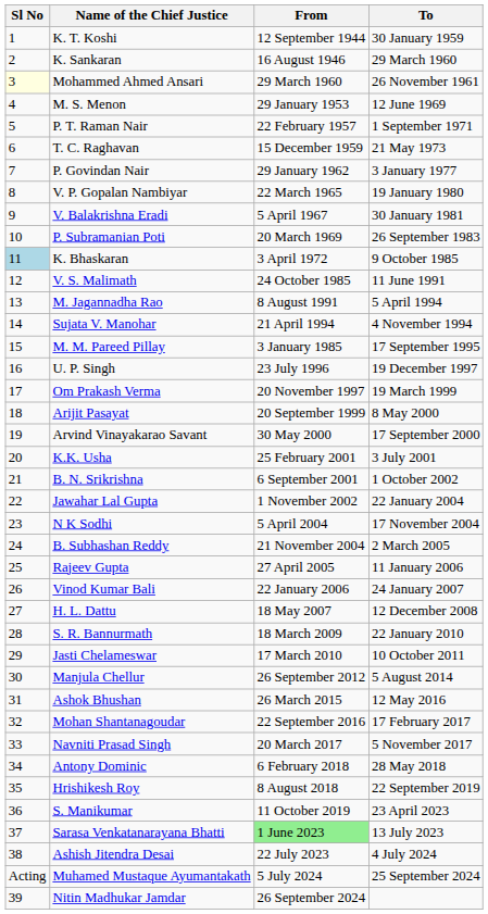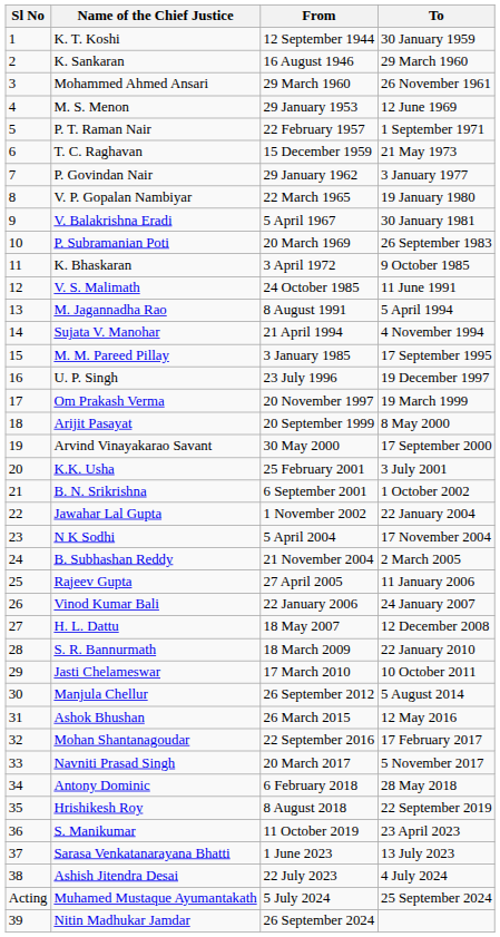 <table class="wikitable sortable" style="margin: 1em auto 1em auto;">
 <tr>
 <th>Sl No</th>
 <th>Name of the Chief Justice</th>
 <th>From</th>
 <th>To</th>
 </tr>
 <tr>
 <td>1</td>
 <td>K. T. Koshi</td>
 <td>12 September 1944</td>
 <td>30 January 1959</td>
 </tr>
 <tr>
 <td>2</td>
 <td>K. Sankaran</td>
 <td>16 August 1946</td>
 <td>29 March 1960</td>
 </tr>
 <tr>
-<td style="background: lightyellow;">3</td>
+<td>3</td>
 <td>Mohammed Ahmed Ansari</td>
 <td>29 March 1960</td>
 <td>26 November 1961</td>
 </tr>
 <tr>
 <td>4</td>
 <td>M. S. Menon</td>
 <td>29 January 1953</td>
 <td>12 June 1969</td>
 </tr>
 <tr>
 <td>5</td>
 <td>P. T. Raman Nair</td>
 <td>22 February 1957</td>
 <td>1 September 1971</td>
 </tr>
 <tr>
 <td>6</td>
 <td>T. C. Raghavan</td>
 <td>15 December 1959</td>
 <td>21 May 1973</td>
 </tr>
 <tr>
 <td>7</td>
 <td>P. Govindan Nair</td>
 <td>29 January 1962</td>
 <td>3 January 1977</td>
 </tr>
 <tr>
 <td>8</td>
 <td>V. P. Gopalan Nambiyar</td>
 <td>22 March 1965</td>
 <td>19 January 1980</td>
 </tr>
 <tr>
 <td>9</td>
 <td><a href='#'>V. Balakrishna Eradi</a></td>
 <td>5 April 1967</td>
 <td>30 January 1981</td>
 </tr>
 <tr>
 <td>10</td>
 <td><a href='#'>P. Subramanian Poti</a></td>
 <td>20 March 1969</td>
 <td>26 September 1983</td>
 </tr>
 <tr>
-<td style="background: lightblue;">11</td>
+<td>11</td>
 <td>K. Bhaskaran</td>
 <td>3 April 1972</td>
 <td>9 October 1985</td>
 </tr>
 <tr>
 <td>12</td>
 <td><a href='#'>V. S. Malimath</a></td>
 <td>24 October 1985</td>
 <td>11 June 1991</td>
 </tr>
 <tr>
 <td>13</td>
 <td><a href='#'>M. Jagannadha Rao</a></td>
 <td>8 August 1991</td>
 <td>5 April 1994</td>
 </tr>
 <tr>
 <td>14</td>
 <td><a href='#'>Sujata V. Manohar</a></td>
 <td>21 April 1994</td>
 <td>4 November 1994</td>
 </tr>
 <tr>
 <td>15</td>
 <td><a href='#'>M. M. Pareed Pillay</a></td>
 <td>3 January 1985</td>
 <td>17 September 1995</td>
 </tr>
 <tr>
 <td>16</td>
 <td>U. P. Singh</td>
 <td>23 July 1996</td>
 <td>19 December 1997</td>
 </tr>
 <tr>
 <td>17</td>
 <td><a href='#'>Om Prakash Verma</a></td>
 <td>20 November 1997</td>
 <td>19 March 1999</td>
 </tr>
 <tr>
 <td>18</td>
 <td><a href='#'>Arijit Pasayat</a></td>
 <td>20 September 1999</td>
 <td>8 May 2000</td>
 </tr>
 <tr>
 <td>19</td>
 <td>Arvind Vinayakarao Savant</td>
 <td>30 May 2000</td>
 <td>17 September 2000</td>
 </tr>
 <tr>
 <td>20</td>
 <td><a href='#'>K.K. Usha</a></td>
 <td>25 February 2001</td>
 <td>3 July 2001</td>
 </tr>
 <tr>
 <td>21</td>
 <td><a href='#'>B. N. Srikrishna</a></td>
 <td>6 September 2001</td>
 <td>1 October 2002</td>
 </tr>
 <tr>
 <td>22</td>
 <td><a href='#'>Jawahar Lal Gupta</a></td>
 <td>1 November 2002</td>
 <td>22 January 2004</td>
 </tr>
 <tr>
 <td>23</td>
 <td><a href='#'>N K Sodhi</a></td>
 <td>5 April 2004</td>
 <td>17 November 2004</td>
 </tr>
 <tr>
 <td>24</td>
 <td><a href='#'>B. Subhashan Reddy</a></td>
 <td>21 November 2004</td>
 <td>2 March 2005</td>
 </tr>
 <tr>
 <td>25</td>
 <td><a href='#'>Rajeev Gupta</a></td>
 <td>27 April 2005</td>
 <td>11 January 2006</td>
 </tr>
 <tr>
 <td>26</td>
 <td><a href='#'>Vinod Kumar Bali</a></td>
 <td>22 January 2006</td>
 <td>24 January 2007</td>
 </tr>
 <tr>
 <td>27</td>
 <td><a href='#'>H. L. Dattu</a></td>
 <td>18 May 2007</td>
 <td>12 December 2008</td>
 </tr>
 <tr>
 <td>28</td>
 <td><a href='#'>S. R. Bannurmath</a></td>
 <td>18 March 2009</td>
 <td>22 January 2010</td>
 </tr>
 <tr>
 <td>29</td>
 <td><a href='#'>Jasti Chelameswar</a></td>
 <td>17 March 2010</td>
 <td>10 October 2011</td>
 </tr>
 <tr>
 <td>30</td>
 <td><a href='#'>Manjula Chellur</a></td>
 <td>26 September 2012</td>
 <td>5 August 2014</td>
 </tr>
 <tr>
 <td>31</td>
 <td><a href='#'>Ashok Bhushan</a></td>
 <td>26 March 2015</td>
 <td>12 May 2016</td>
 </tr>
 <tr>
 <td>32</td>
 <td><a href='#'>Mohan Shantanagoudar</a></td>
 <td>22 September 2016</td>
 <td>17 February 2017</td>
 </tr>
 <tr>
 <td>33</td>
 <td><a href='#'>Navniti Prasad Singh</a></td>
 <td>20 March 2017</td>
 <td>5 November 2017</td>
 </tr>
 <tr>
 <td>34</td>
 <td><a href='#'>Antony Dominic</a></td>
 <td>6 February 2018</td>
 <td>28 May 2018</td>
 </tr>
 <tr>
 <td>35</td>
 <td><a href='#'>Hrishikesh Roy</a></td>
 <td>8 August 2018</td>
 <td>22 September 2019</td>
 </tr>
 <tr>
 <td>36</td>
 <td><a href='#'>S. Manikumar</a></td>
 <td>11 October 2019</td>
 <td>23 April 2023</td>
 </tr>
 <tr>
 <td>37</td>
 <td><a href='#'>Sarasa Venkatanarayana Bhatti</a></td>
-<td style="background: lightgreen;">1 June 2023</td>
+<td>1 June 2023</td>
 <td>13 July 2023</td>
 </tr>
 <tr>
 <td>38</td>
 <td><a href='#'>Ashish Jitendra Desai</a></td>
 <td>22 July 2023</td>
 <td>4 July 2024</td>
 </tr>
 <tr>
 <td>Acting</td>
 <td><a href='#'>Muhamed Mustaque Ayumantakath</a></td>
 <td>5 July 2024</td>
 <td>25 September 2024</td>
 </tr>
 <tr>
 <td>39</td>
 <td><a href='#'>Nitin Madhukar Jamdar</a></td>
 <td>26 September 2024</td>
 </tr>
 </table>
